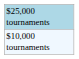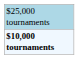 <table class="wikitable" style="font-size:90%;" width=13%>
 <tr style="background:lightblue;">
 <td>$25,000 tournaments</td>
 </tr>
 <tr style="background:#f0f8ff;">
-<td>$10,000 tournaments</td>
+<td><strong>$10,000 tournaments</strong></td>
 </tr>
 </table>
